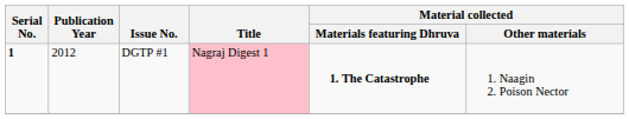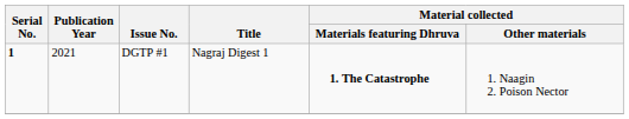 <table class="wikitable unsortable">
 <tr>
 <th rowspan="2" style="vertical-align:bottom; width:50px;">Serial No.</th>
 <th rowspan="2" style="vertical-align:bottom; width:85px;">Publication Year</th>
 <th rowspan="2" style="vertical-align:bottom; width:85px;">Issue No.</th>
 <th rowspan="2" style="vertical-align:bottom; width:150px;">Title</th>
 <th colspan="2" style="vertical-align:bottom; width:400px;">Material collected</th>
 </tr>
 <tr style="vertical-align:top;">
 <th style="vertical-align:bottom; width:200px;">Materials featuring Dhruva</th>
 <th style="vertical-align:bottom; width:200px;">Other materials</th>
 </tr>
 <tr style="vertical-align:top;">
 <td><strong>1</strong></td>
-<td>2012</td>
+<td>2021</td>
 <td>DGTP #1</td>
-<td style="background: pink;">Nagraj Digest 1</td>
+<td>Nagraj Digest 1</td>
 <td><strong><br><ol><li>The Catastrophe</li></ol></strong></td>
 <td><br><ol><li>Naagin</li><li>Poison Nector</li></ol></td>
 </tr>
 <tr style="vertical-align:top;">
 </tr>
 </table>
